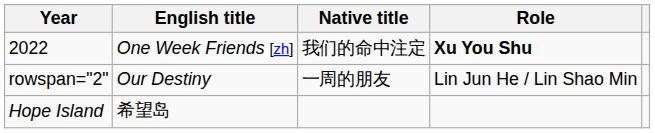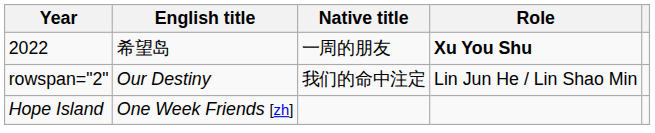 <table class="wikitable">
 <tr>
 <th width="10">Year</th>
 <th>English title</th>
 <th>Native title</th>
 <th>Role</th>
 <th></th>
 </tr>
 <tr>
 <td>2022</td>
-<td><em>One Week Friends</em> <small>[</small><small><a href='#'>zh</a></small><small>]</small></td>
-<td>我们的命中注定</td>
+<td>希望岛</td>
+<td>一周的朋友</td>
 <td><strong>Xu You Shu</strong></td>
 <td></td>
 </tr>
 <tr>
 <td>rowspan="2" </td>
 <td><em>Our Destiny</em></td>
-<td>一周的朋友</td>
+<td>我们的命中注定</td>
 <td>Lin Jun He / Lin Shao Min</td>
 <td></td>
 </tr>
 <tr>
 <td><em>Hope Island</em></td>
-<td>希望岛</td>
+<td><em>One Week Friends</em> <small>[</small><small><a href='#'>zh</a></small><small>]</small></td>
 <td></td>
 <td></td>
 </tr>
 </table>
